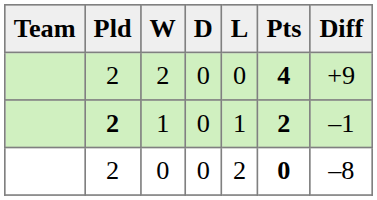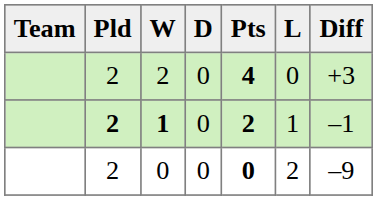 <table style=border-collapse:collapse border=1 cellspacing=0 cellpadding=5>
 <tr align=center bgcolor=#efefef>
 <th>Team</th>
 <th>Pld</th>
 <th>W</th>
 <th>D</th>
+<th>Pts</th>
 <th>L</th>
-<th>Pts</th>
 <th>Diff</th>
 </tr>
 <tr align=center style="background:#D0F0C0;">
 <td style="text-align:left;"> </td>
 <td>2</td>
 <td>2</td>
 <td>0</td>
+<td><strong>4</strong></td>
 <td>0</td>
-<td><strong>4</strong></td>
-<td>+9</td>
+<td>+3</td>
 </tr>
 <tr align=center style="background:#D0F0C0;">
 <td style="text-align:left;"> </td>
 <td><strong>2</strong></td>
+<td><strong>1</strong></td>
+<td>0</td>
+<td><strong>2</strong></td>
 <td>1</td>
-<td>0</td>
-<td>1</td>
-<td><strong>2</strong></td>
 <td>–1</td>
 </tr>
 <tr align=center style="background:#FFFFFF;">
 <td style="text-align:left;"> </td>
 <td>2</td>
 <td>0</td>
 <td>0</td>
+<td><strong>0</strong></td>
 <td>2</td>
-<td><strong>0</strong></td>
-<td>–8</td>
+<td>–9</td>
 </tr>
 </table>
